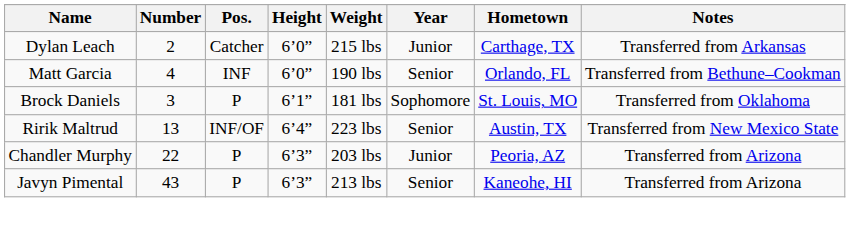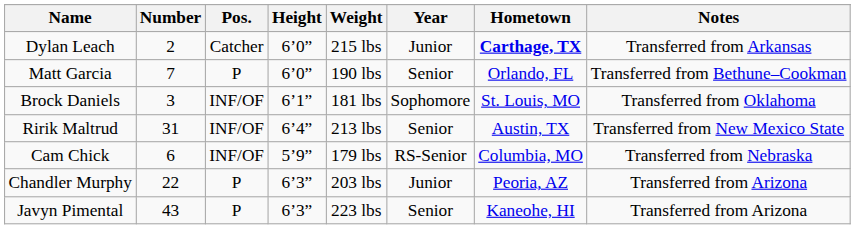 <table class="wikitable sortable">
 <tr>
 </tr>
 <tr>
 <th style="text-align:center; ">Name</th>
 <th style="text-align:center; ">Number</th>
 <th style="text-align:center; ">Pos.</th>
 <th style="text-align:center; ">Height</th>
 <th style="text-align:center; ">Weight</th>
 <th style="text-align:center; ">Year</th>
 <th style="text-align:center; ">Hometown</th>
 <th style="text-align:center; ">Notes</th>
 </tr>
 <tr align="center">
 <td>Dylan Leach</td>
 <td>2</td>
 <td>Catcher</td>
 <td>6’0”</td>
 <td>215 lbs</td>
 <td>Junior</td>
-<td><a href='#'>Carthage, TX</a></td>
+<td><strong><a href='#'>Carthage, TX</a></strong></td>
 <td>Transferred from <a href='#'>Arkansas</a></td>
 </tr>
 <tr align="center">
 <td>Matt Garcia</td>
-<td>4</td>
-<td>INF</td>
+<td>7</td>
+<td>P</td>
 <td>6’0”</td>
 <td>190 lbs</td>
 <td>Senior</td>
 <td><a href='#'>Orlando, FL</a></td>
 <td>Transferred from <a href='#'>Bethune–Cookman</a></td>
 </tr>
 <tr align="center">
 <td>Brock Daniels</td>
 <td>3</td>
-<td>P</td>
+<td>INF/OF</td>
 <td>6’1”</td>
 <td>181 lbs</td>
 <td>Sophomore</td>
 <td><a href='#'>St. Louis, MO</a></td>
 <td>Transferred from <a href='#'>Oklahoma</a></td>
 </tr>
 <tr align="center">
 <td>Ririk Maltrud</td>
-<td>13</td>
+<td>31</td>
 <td>INF/OF</td>
 <td>6’4”</td>
-<td>223 lbs</td>
+<td>213 lbs</td>
 <td>Senior</td>
 <td><a href='#'>Austin, TX</a></td>
 <td>Transferred from <a href='#'>New Mexico State</a></td>
+</tr>
+<tr align="center">
+<td>Cam Chick</td>
+<td>6</td>
+<td>INF/OF</td>
+<td>5’9”</td>
+<td>179 lbs</td>
+<td>RS-Senior</td>
+<td><a href='#'>Columbia, MO</a></td>
+<td>Transferred from <a href='#'>Nebraska</a></td>
 </tr>
 <tr align="center">
 <td>Chandler Murphy</td>
 <td>22</td>
 <td>P</td>
 <td>6’3”</td>
 <td>203 lbs</td>
 <td>Junior</td>
 <td><a href='#'>Peoria, AZ</a></td>
 <td>Transferred from <a href='#'>Arizona</a></td>
 </tr>
 <tr align="center">
 <td>Javyn Pimental</td>
 <td>43</td>
 <td>P</td>
 <td>6’3”</td>
-<td>213 lbs</td>
+<td>223 lbs</td>
 <td>Senior</td>
 <td><a href='#'>Kaneohe, HI</a></td>
 <td>Transferred from Arizona</td>
 </tr>
 </table>
